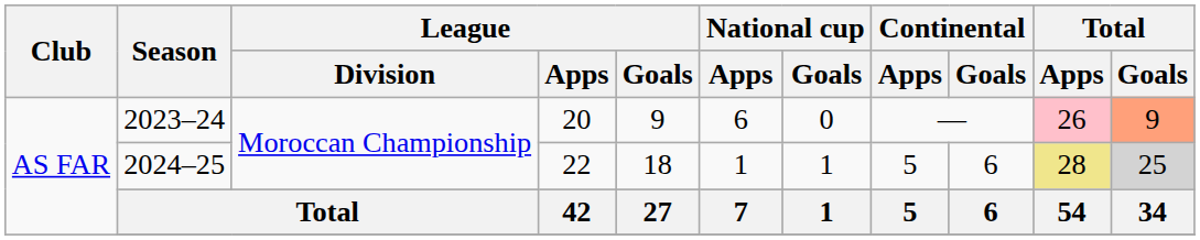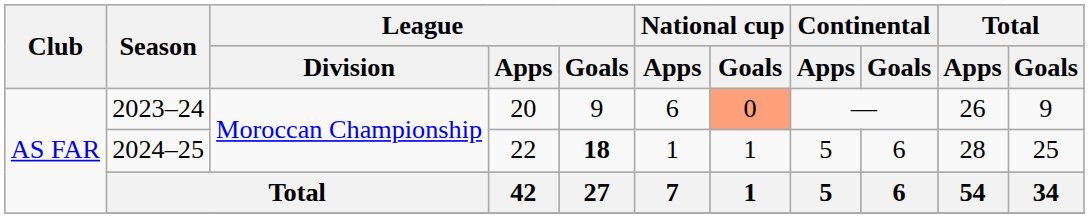 <table class="wikitable" style="text-align:center">
 <tr>
 <th rowspan="2">Club</th>
 <th rowspan="2">Season</th>
 <th colspan="3">League</th>
 <th colspan="2">National cup</th>
 <th colspan="2">Continental</th>
 <th colspan="2">Total</th>
 </tr>
 <tr>
 <th>Division</th>
 <th>Apps</th>
 <th>Goals</th>
 <th>Apps</th>
 <th>Goals</th>
 <th>Apps</th>
 <th>Goals</th>
 <th>Apps</th>
 <th>Goals</th>
 </tr>
 <tr>
 <td rowspan="4"><a href='#'>AS FAR</a></td>
 <td>2023–24</td>
 <td rowspan="2"><a href='#'>Moroccan Championship</a></td>
 <td>20</td>
 <td>9</td>
 <td>6</td>
-<td>0</td>
+<td style="background: lightsalmon;">0</td>
 <td colspan="2">—</td>
-<td style="background: pink;">26</td>
-<td style="background: lightsalmon;">9</td>
+<td>26</td>
+<td>9</td>
 </tr>
 <tr>
 <td>2024–25</td>
 <td>22</td>
-<td>18</td>
+<td><strong>18</strong></td>
 <td>1</td>
 <td>1</td>
 <td>5</td>
 <td>6</td>
-<td style="background: khaki;">28</td>
-<td style="background: lightgrey;">25</td>
+<td>28</td>
+<td>25</td>
 </tr>
 <tr>
 <th colspan="2">Total</th>
 <th>42</th>
 <th>27</th>
 <th>7</th>
 <th>1</th>
 <th>5</th>
 <th>6</th>
 <th>54</th>
 <th>34</th>
 </tr>
 <tr>
 </tr>
 </table>
